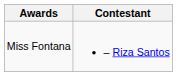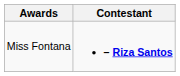 <table class="wikitable sortable" style="font-size:95%;">
 <tr>
 <th>Awards</th>
 <th>Contestant</th>
 </tr>
 <tr>
 <td>Miss Fontana</td>
-<td><br><ul><li> – <a href='#'>Riza Santos</a></li></ul></td>
+<td><strong><br><ul><li> – <a href='#'>Riza Santos</a></li></ul></strong></td>
 </tr>
 </table>
